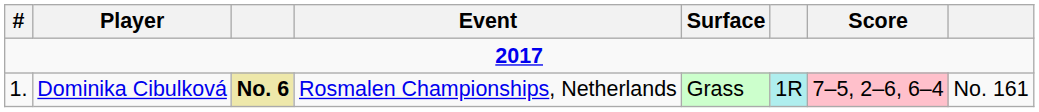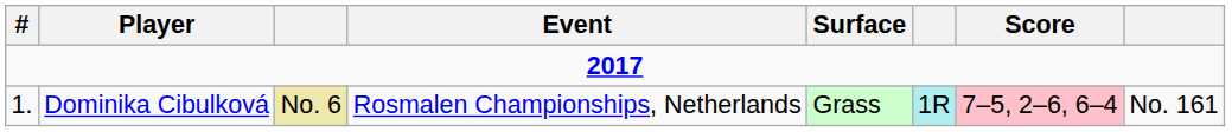 <table class="wikitable sortable">
 <tr>
 <th>#</th>
 <th>Player</th>
 <th></th>
 <th>Event</th>
 <th>Surface</th>
 <th class="unsortable"></th>
 <th class="unsortable">Score</th>
 <th></th>
 </tr>
 <tr>
 <td colspan=8 style=text-align:center><strong><a href='#'>2017</a></strong></td>
 </tr>
 <tr>
 <td>1.</td>
 <td> <a href='#'>Dominika Cibulková</a></td>
-<td bgcolor=EEE8AA><strong>No. 6</strong></td>
+<td bgcolor=EEE8AA>No. 6</td>
 <td><a href='#'>Rosmalen Championships</a>, Netherlands</td>
 <td bgcolor=ccffcc>Grass</td>
 <td bgcolor=afeeee>1R</td>
 <td style="background: pink;">7–5, 2–6, 6–4</td>
 <td>No. 161</td>
 </tr>
 </table>
